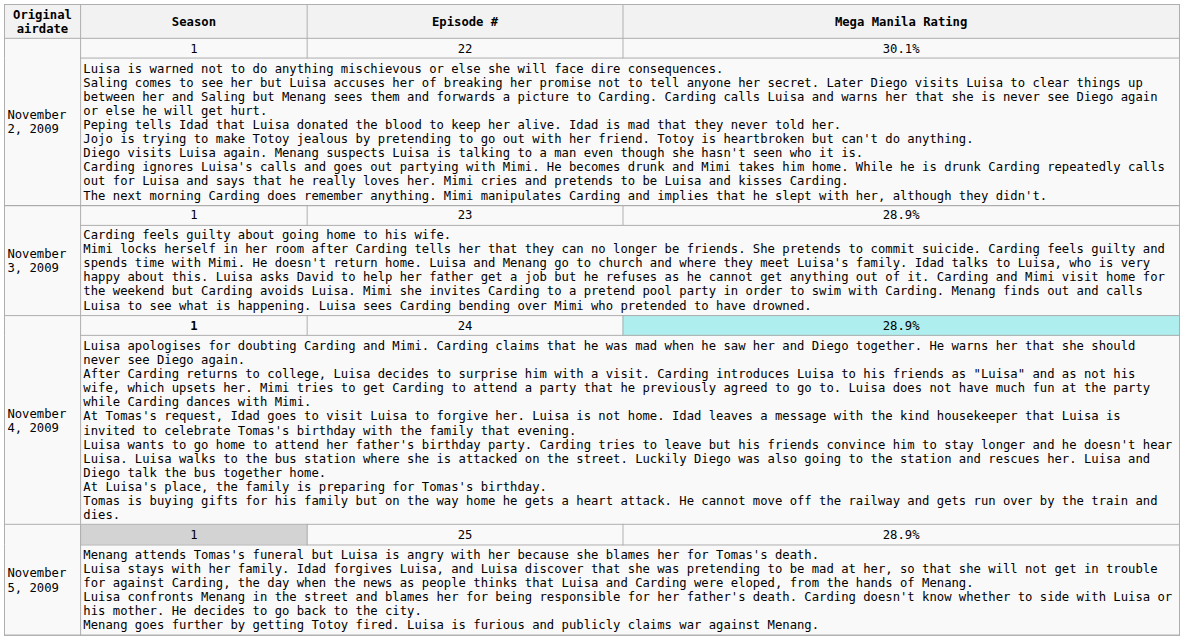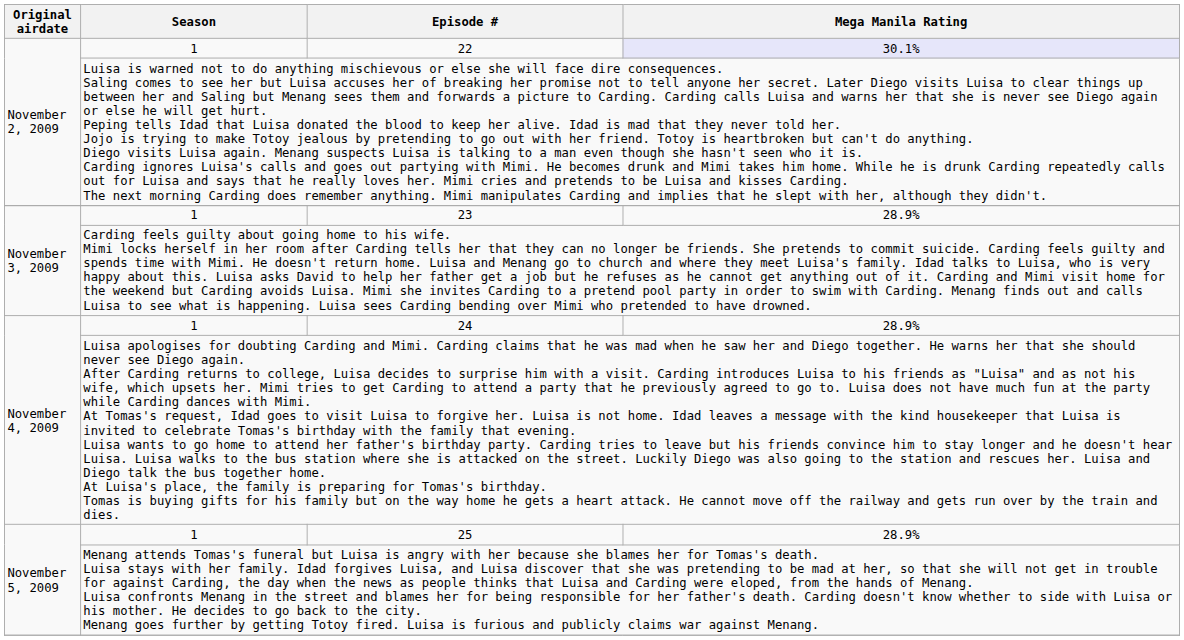 <table class="wikitable">
 <tr>
 <th>Original airdate</th>
 <th>Season</th>
 <th>Episode #</th>
 <th>Mega Manila Rating</th>
 </tr>
 <tr>
 <td rowspan="2">November 2, 2009</td>
 <td align="center">1</td>
 <td align="center">22</td>
-<td align="center">30.1%</td>
+<td align="center" style="background: lavender;">30.1%</td>
 </tr>
 <tr>
 <td colspan="5">Luisa is warned not to do anything mischievous or else she will face dire consequences.<br>Saling comes to see her but Luisa accuses her of breaking her promise not to tell anyone her secret. Later Diego visits Luisa to clear things up between her and Saling but Menang sees them and forwards a picture to Carding. Carding calls Luisa and warns her that she is never see Diego again or else he will get hurt.<br>Peping tells Idad that Luisa donated the blood to keep her alive. Idad is mad that they never told her.<br>Jojo is trying to make Totoy jealous by pretending to go out with her friend. Totoy is heartbroken but can't do anything.<br>Diego visits Luisa again. Menang suspects Luisa is talking to a man even though she hasn't seen who it is.<br>Carding ignores Luisa's calls and goes out partying with Mimi. He becomes drunk and Mimi takes him home. While he is drunk Carding repeatedly calls out for Luisa and says that he really loves her. Mimi cries and pretends to be Luisa and kisses Carding.<br>The next morning Carding does remember anything. Mimi manipulates Carding and implies that he slept with her, although they didn't.</td>
 </tr>
 <tr>
 </tr>
 <tr>
 <td rowspan="2">November 3, 2009</td>
 <td align="center">1</td>
 <td align="center">23</td>
 <td align="center">28.9%</td>
 </tr>
 <tr>
 <td colspan="5">Carding feels guilty about going home to his wife.<br>Mimi locks herself in her room after Carding tells her that they can no longer be friends. She pretends to commit suicide. Carding feels guilty and spends time with Mimi. He doesn't return home.  Luisa and Menang go to church and where they meet Luisa's family. Idad talks to Luisa, who is very happy about this.  Luisa asks David to help her father get a job but he refuses as he cannot get anything out of it.  Carding and Mimi visit home for the weekend but Carding avoids Luisa. Mimi she invites Carding to a pretend pool party in order to swim with Carding. Menang finds out and calls Luisa to see what is happening. Luisa sees Carding bending over Mimi who pretended to have drowned.</td>
 </tr>
 <tr>
 <td rowspan="2">November 4, 2009</td>
-<td align="center"><strong>1</strong></td>
+<td align="center">1</td>
 <td align="center">24</td>
-<td align="center" style="background: paleturquoise;">28.9%</td>
+<td align="center">28.9%</td>
 </tr>
 <tr>
 <td colspan="5">Luisa apologises for doubting Carding and Mimi. Carding claims that he was mad when he saw her and Diego together. He warns her that she should never see Diego again.<br>After Carding returns to college, Luisa decides to surprise him with a visit. Carding introduces Luisa to his friends as "Luisa" and as not his wife, which upsets her. Mimi tries to get Carding to attend a party that he previously agreed to go to. Luisa does not have much fun at the party while Carding dances with Mimi.<br>At Tomas's request, Idad goes to visit Luisa to forgive her. Luisa is not home. Idad leaves a message with the kind housekeeper that Luisa is invited to celebrate Tomas's birthday with the family that evening.<br>Luisa wants to go home to attend her father's birthday party. Carding tries to leave but his friends convince him to stay longer and he doesn't hear Luisa. Luisa walks to the bus station where she is attacked on the street. Luckily Diego was also going to the station and rescues her. Luisa and Diego talk the bus together home.<br>At Luisa's place, the family is preparing for Tomas's birthday.<br>Tomas is buying gifts for his family but on the way home he gets a heart attack. He cannot move off the railway and gets run over by the train and dies.</td>
 </tr>
 <tr>
 <td rowspan="2">November 5, 2009</td>
-<td align="center" style="background: lightgrey;">1</td>
+<td align="center">1</td>
 <td align="center">25</td>
 <td align="center">28.9%</td>
 </tr>
 <tr>
 <td colspan="5">Menang attends Tomas's funeral but Luisa is angry with her because she blames her for Tomas's death.<br>Luisa stays with her family. Idad forgives Luisa, and Luisa discover that she was pretending to be mad at her, so that she will not get in trouble for against Carding, the day when the news as people thinks that Luisa and Carding were eloped, from the hands of Menang.<br>Luisa confronts Menang in the street and blames her for being responsible for her father's death. Carding doesn't know whether to side with Luisa or his mother. He decides to go back to the city.<br>Menang goes further by getting Totoy fired. Luisa is furious and publicly claims war against Menang.</td>
 </tr>
 <tr>
 </tr>
 </table>
